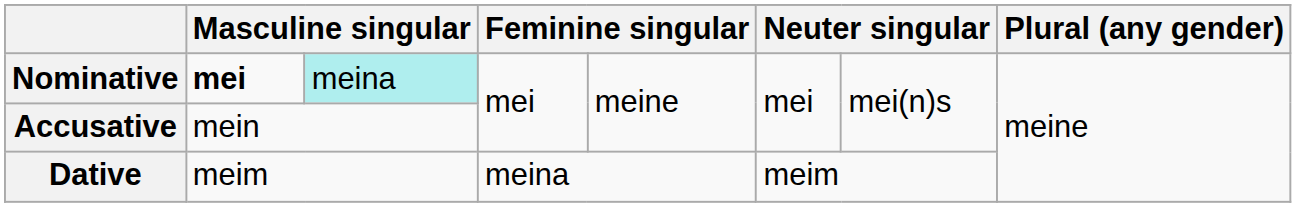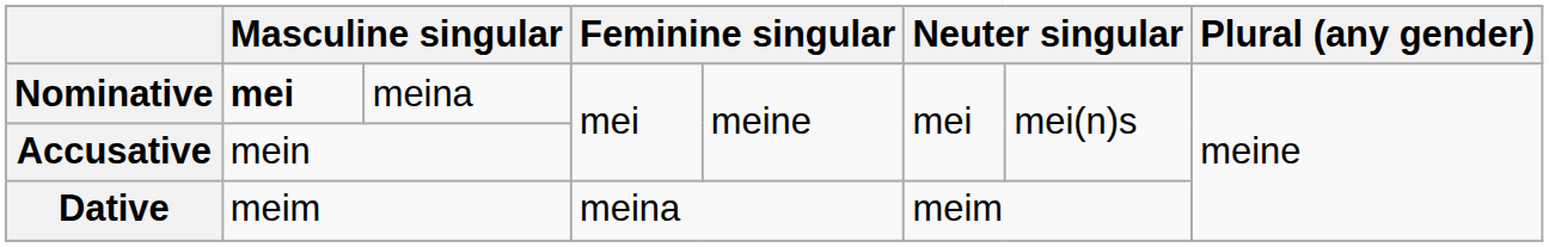 <table class="wikitable">
 <tr>
 <th></th>
 <th colspan="2">Masculine singular</th>
 <th colspan="2">Feminine singular</th>
 <th colspan="2">Neuter singular</th>
 <th>Plural (any gender)</th>
 </tr>
 <tr>
 <th>Nominative</th>
 <td><strong>mei</strong></td>
-<td style="background: paleturquoise;">meina</td>
+<td>meina</td>
 <td rowspan="2">mei</td>
 <td rowspan="2">meine</td>
 <td rowspan="2">mei</td>
 <td rowspan="2">mei(n)s</td>
 <td rowspan="3">meine</td>
 </tr>
 <tr>
 <th>Accusative</th>
 <td colspan="2">mein</td>
 </tr>
 <tr>
 <th>Dative</th>
 <td colspan="2">meim</td>
 <td colspan="2">meina</td>
 <td colspan="2">meim</td>
 </tr>
 </table>
